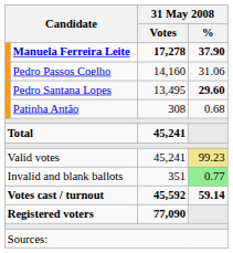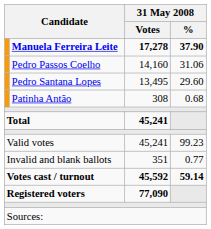 <table class="wikitable" style="text-align:right; font-size:97%;">
 <tr>
 <th rowspan="2" colspan="2" width="170">Candidate</th>
 <th colspan="2">31 May 2008</th>
 </tr>
 <tr>
 <th width="60">Votes</th>
 <th width="45">%</th>
 </tr>
 <tr>
 <td style="color:inherit;background:#FF9900"></td>
 <td align="left"><strong><a href='#'>Manuela Ferreira Leite</a></strong></td>
 <td><strong>17,278</strong></td>
 <td><strong>37.90</strong></td>
 </tr>
 <tr>
 <td style="color:inherit;background:#FF9900"></td>
 <td align="left"><a href='#'>Pedro Passos Coelho</a></td>
 <td>14,160</td>
 <td>31.06</td>
 </tr>
 <tr>
 <td style="color:inherit;background:#FF9900"></td>
 <td align="left"><a href='#'>Pedro Santana Lopes</a></td>
 <td>13,495</td>
-<td><strong>29.60</strong></td>
+<td>29.60</td>
 </tr>
 <tr>
 <td style="color:inherit;background:#FF9900"></td>
 <td align="left"><a href='#'>Patinha Antão</a></td>
 <td>308</td>
 <td>0.68</td>
 </tr>
 <tr>
 <td colspan="4" bgcolor="#E9E9E9"></td>
 </tr>
 <tr style="font-weight:bold;">
 <td align="left" colspan="2">Total</td>
 <td>45,241</td>
 <td bgcolor="#E9E9E9"></td>
 </tr>
 <tr>
 <td colspan="4" bgcolor="#E9E9E9"></td>
 </tr>
 <tr>
 <td align="left" colspan="2">Valid votes</td>
 <td>45,241</td>
-<td style="background: khaki;">99.23</td>
+<td>99.23</td>
 </tr>
 <tr>
 <td align="left" colspan="2">Invalid and blank ballots</td>
 <td>351</td>
-<td style="background: lightgreen;">0.77</td>
+<td>0.77</td>
 </tr>
 <tr style="font-weight:bold;">
 <td align="left" colspan="2">Votes cast / turnout</td>
 <td>45,592</td>
 <td>59.14</td>
 </tr>
 <tr style="font-weight:bold;">
 <td align="left" colspan="2">Registered voters</td>
 <td>77,090</td>
 <td bgcolor="#E9E9E9"></td>
 </tr>
 <tr>
 <td colspan="4" bgcolor="#E9E9E9"></td>
 </tr>
 <tr>
 <td align="left" colspan="6">Sources: </td>
 </tr>
 </table>
